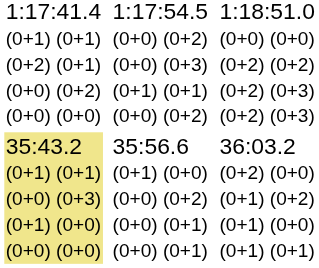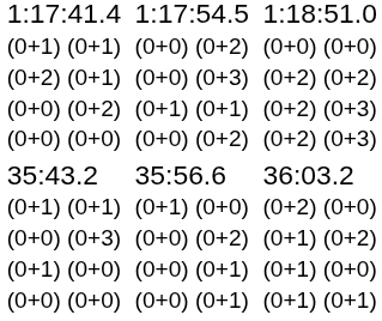 <table>
 <tr>
 <td><br></td>
 <td></td>
 <td>1:17:41.4<br><small>(0+1) (0+1)<br>(0+2) (0+1)<br>(0+0) (0+2)<br>(0+0) (0+0)</small></td>
 <td></td>
 <td>1:17:54.5<br><small>(0+0) (0+2)<br>(0+0) (0+3)<br>(0+1) (0+1)<br>(0+0) (0+2)</small></td>
 <td></td>
 <td>1:18:51.0<br><small>(0+0) (0+0)<br>(0+2) (0+2)<br>(0+2) (0+3)<br>(0+2) (0+3)</small></td>
 </tr>
 <tr>
 <td><br></td>
 <td></td>
-<td style="background: khaki;">35:43.2<br><small>(0+1) (0+1)<br>(0+0) (0+3)<br>(0+1) (0+0)<br>(0+0) (0+0)</small></td>
+<td>35:43.2<br><small>(0+1) (0+1)<br>(0+0) (0+3)<br>(0+1) (0+0)<br>(0+0) (0+0)</small></td>
 <td></td>
 <td>35:56.6<br><small>(0+1) (0+0)<br>(0+0) (0+2)<br>(0+0) (0+1)<br>(0+0) (0+1)</small></td>
 <td></td>
 <td>36:03.2<br><small>(0+2) (0+0)<br>(0+1) (0+2)<br>(0+1) (0+0)<br>(0+1) (0+1)</small></td>
 </tr>
 </table>
